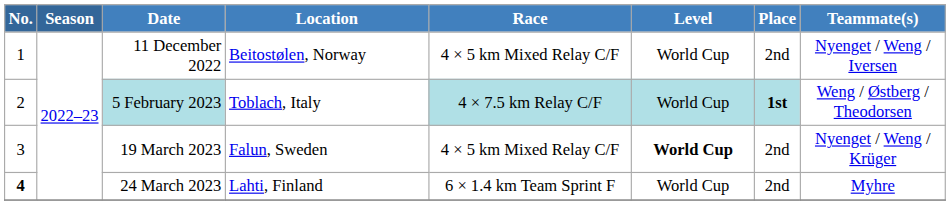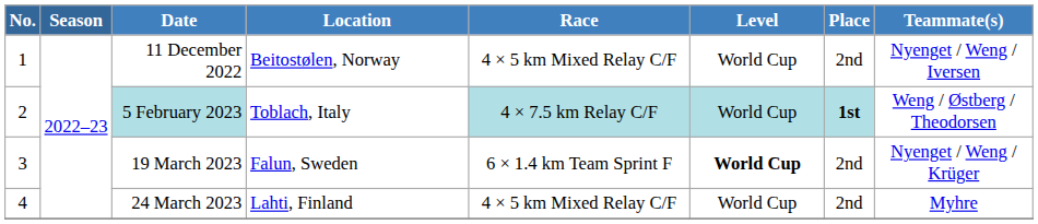 <table class="wikitable sortable" style="font-size:90%; text-align:center; border:grey solid 1px; border-collapse:collapse; background:#ffffff;">
 <tr style="background:#efefef;">
 <th style="background-color:#369; color:white;">No.</th>
 <th style="background-color:#369; color:white;">Season</th>
 <th style="background-color:#4180be; color:white; width:100px;">Date</th>
 <th style="background-color:#4180be; color:white; width:170px;">Location</th>
 <th style="background-color:#4180be; color:white; width:170px;">Race</th>
 <th style="background-color:#4180be; color:white; width:100px;">Level</th>
 <th style="background-color:#4180be; color:white;">Place</th>
 <th style="background-color:#4180be; width:120px;color:white;">Teammate(s)</th>
 </tr>
 <tr>
 <td align=center>1</td>
 <td rowspan=4 align=center><a href='#'>2022–23</a></td>
 <td align=right>11 December 2022</td>
 <td align=left> <a href='#'>Beitostølen</a>, Norway</td>
 <td align=center>4 × 5 km Mixed Relay C/F</td>
 <td>World Cup</td>
 <td>2nd</td>
 <td><a href='#'>Nyenget</a> / <a href='#'>Weng</a> / <a href='#'>Iversen</a></td>
 </tr>
 <tr>
 <td align=center>2</td>
 <td bgcolor="#BOEOE6" align=right>5 February 2023</td>
 <td align=left> <a href='#'>Toblach</a>, Italy</td>
 <td bgcolor="#BOEOE6" align=center>4 × 7.5 km Relay C/F</td>
 <td bgcolor="#BOEOE6">World Cup</td>
 <td bgcolor="#BOEOE6"><strong>1st</strong></td>
 <td><a href='#'>Weng</a> / <a href='#'>Østberg</a> / <a href='#'>Theodorsen</a></td>
 </tr>
 <tr>
 <td align=center>3</td>
 <td align=right>19 March 2023</td>
 <td align=left> <a href='#'>Falun</a>, Sweden</td>
-<td>4 × 5 km Mixed Relay C/F</td>
+<td>6 × 1.4 km Team Sprint F</td>
 <td><strong>World Cup</strong></td>
 <td>2nd</td>
 <td><a href='#'>Nyenget</a> / <a href='#'>Weng</a> / <a href='#'>Krüger</a></td>
 </tr>
 <tr>
-<td align=center><strong>4</strong></td>
+<td align=center>4</td>
 <td align=right>24 March 2023</td>
 <td align=left> <a href='#'>Lahti</a>, Finland</td>
-<td>6 × 1.4 km Team Sprint F</td>
+<td>4 × 5 km Mixed Relay C/F</td>
 <td>World Cup</td>
 <td>2nd</td>
 <td><a href='#'>Myhre</a></td>
 </tr>
 <tr>
 </tr>
 </table>
